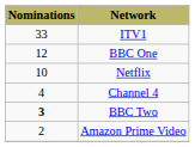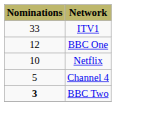 <table class="wikitable" style="text-align:center;">
 <tr>
 <th style="background:#BDB76B;">Nominations</th>
 <th style="background:#BDB76B;">Network</th>
 </tr>
 <tr>
 <td>33</td>
 <td><a href='#'>ITV1</a></td>
 </tr>
 <tr>
 <td>12</td>
 <td><a href='#'>BBC One</a></td>
 </tr>
 <tr>
 <td>10</td>
 <td><a href='#'>Netflix</a></td>
 </tr>
 <tr>
-<td>4</td>
+<td>5</td>
 <td><a href='#'>Channel 4</a></td>
 </tr>
 <tr>
 <td><strong>3</strong></td>
 <td><a href='#'>BBC Two</a></td>
 </tr>
 <tr>
-<td>2</td>
-<td><a href='#'>Amazon Prime Video</a></td>
-</tr>
-<tr>
 </tr>
 </table>
